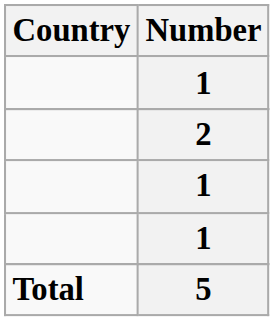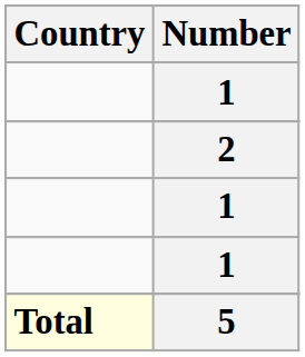 <table class="wikitable centre sortable">
 <tr>
 <th>Country</th>
 <th>Number</th>
 </tr>
 <tr>
 <td></td>
 <th>1</th>
 </tr>
 <tr>
 </tr>
 <tr>
 <td></td>
 <th>2</th>
 </tr>
 <tr>
 <td></td>
 <th>1</th>
 </tr>
 <tr>
 <td></td>
 <th>1</th>
 </tr>
 <tr>
 </tr>
 <tr class="sortbottom">
-<td><strong>Total</strong></td>
+<td style="background: lightyellow;"><strong>Total</strong></td>
 <th>5</th>
 </tr>
 </table>
